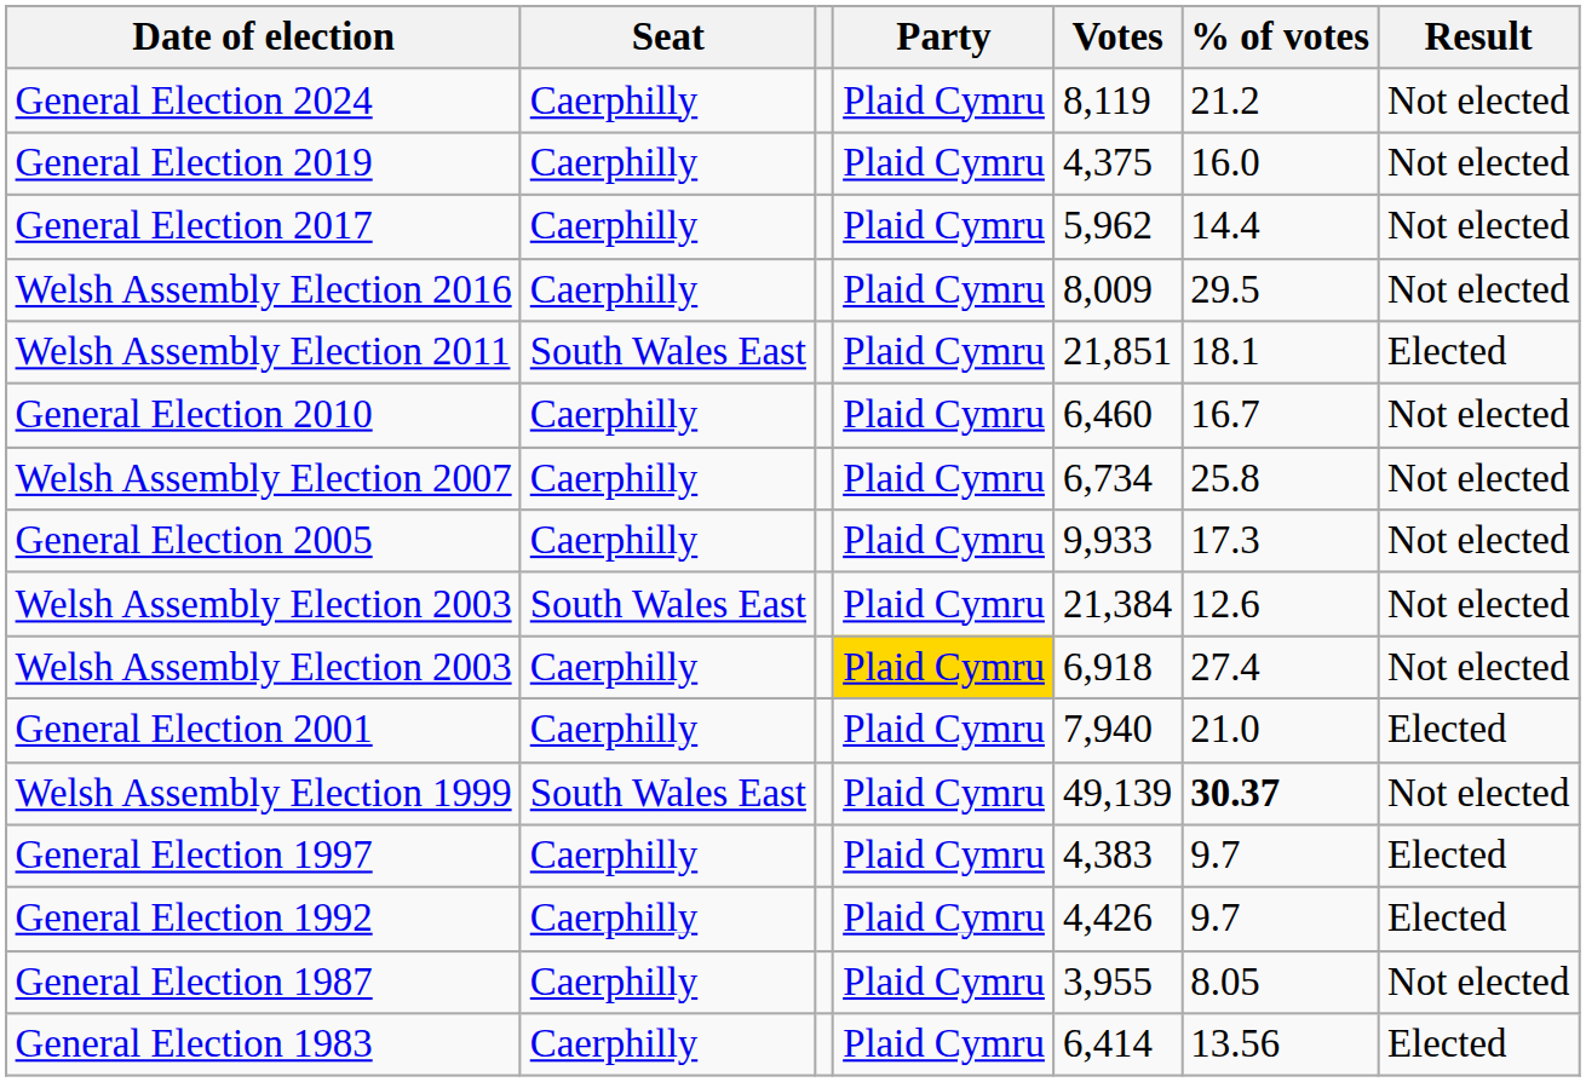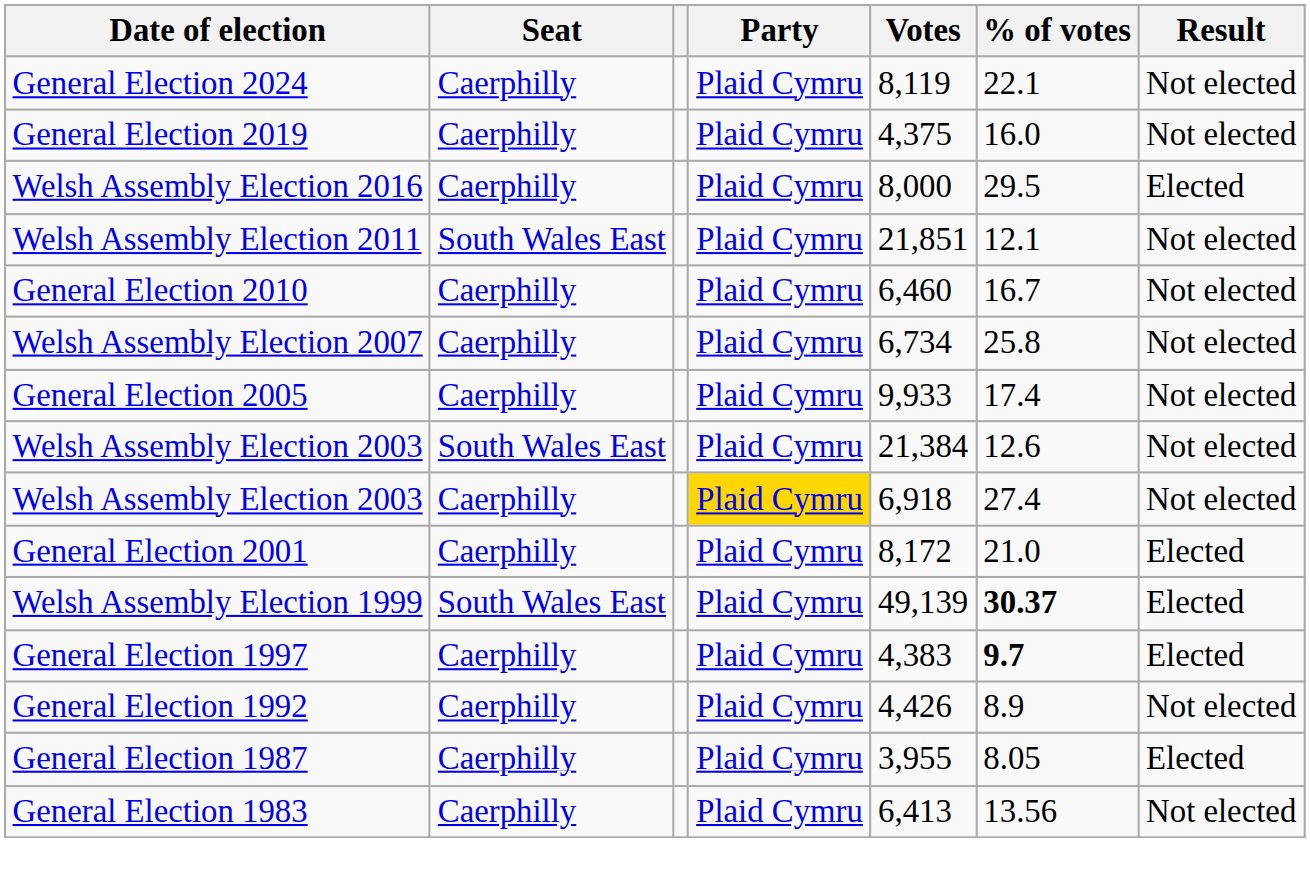 <table class="wikitable">
 <tr>
 <th>Date of election</th>
 <th>Seat</th>
 <th></th>
 <th>Party</th>
 <th>Votes</th>
 <th>% of votes</th>
 <th>Result</th>
 </tr>
 <tr>
 <td><a href='#'>General Election 2024</a></td>
 <td><a href='#'>Caerphilly</a></td>
 <td style="background:"></td>
 <td><a href='#'>Plaid Cymru</a></td>
 <td>8,119</td>
-<td>21.2</td>
+<td>22.1</td>
 <td>Not elected</td>
 </tr>
 <tr>
 <td><a href='#'>General Election 2019</a></td>
 <td><a href='#'>Caerphilly</a></td>
 <td style="background:"></td>
 <td><a href='#'>Plaid Cymru</a></td>
 <td>4,375</td>
 <td>16.0</td>
 <td>Not elected</td>
 </tr>
 <tr>
-<td><a href='#'>General Election 2017</a></td>
-<td><a href='#'>Caerphilly</a></td>
-<td style="background:"></td>
-<td><a href='#'>Plaid Cymru</a></td>
-<td>5,962</td>
-<td>14.4</td>
-<td>Not elected</td>
-</tr>
-<tr>
 <td><a href='#'>Welsh Assembly Election 2016</a></td>
 <td><a href='#'>Caerphilly</a></td>
 <td style="background:"></td>
 <td><a href='#'>Plaid Cymru</a></td>
-<td>8,009</td>
+<td>8,000</td>
 <td>29.5</td>
-<td>Not elected</td>
+<td>Elected</td>
 </tr>
 <tr>
 <td><a href='#'>Welsh Assembly Election 2011</a></td>
 <td><a href='#'>South Wales East</a></td>
 <td style="background:"></td>
 <td><a href='#'>Plaid Cymru</a></td>
 <td>21,851</td>
-<td>18.1</td>
-<td>Elected</td>
+<td>12.1</td>
+<td>Not elected</td>
 </tr>
 <tr>
 <td><a href='#'>General Election 2010</a></td>
 <td><a href='#'>Caerphilly</a></td>
 <td style="background:"></td>
 <td><a href='#'>Plaid Cymru</a></td>
 <td>6,460</td>
 <td>16.7</td>
 <td>Not elected</td>
 </tr>
 <tr>
 <td><a href='#'>Welsh Assembly Election 2007</a></td>
 <td><a href='#'>Caerphilly</a></td>
 <td style="background:"></td>
 <td><a href='#'>Plaid Cymru</a></td>
 <td>6,734</td>
 <td>25.8</td>
 <td>Not elected</td>
 </tr>
 <tr>
 <td><a href='#'>General Election 2005</a></td>
 <td><a href='#'>Caerphilly</a></td>
 <td style="background:"></td>
 <td><a href='#'>Plaid Cymru</a></td>
 <td>9,933</td>
-<td>17.3</td>
+<td>17.4</td>
 <td>Not elected</td>
 </tr>
 <tr>
 <td><a href='#'>Welsh Assembly Election 2003</a></td>
 <td><a href='#'>South Wales East</a></td>
 <td style="background:"></td>
 <td><a href='#'>Plaid Cymru</a></td>
 <td>21,384</td>
 <td>12.6</td>
 <td>Not elected</td>
 </tr>
 <tr>
 <td><a href='#'>Welsh Assembly Election 2003</a></td>
 <td><a href='#'>Caerphilly</a></td>
 <td style="background:"></td>
 <td style="background: gold;"><a href='#'>Plaid Cymru</a></td>
 <td>6,918</td>
 <td>27.4</td>
 <td>Not elected</td>
 </tr>
 <tr>
 <td><a href='#'>General Election 2001</a></td>
 <td><a href='#'>Caerphilly</a></td>
 <td style="background:"></td>
 <td><a href='#'>Plaid Cymru</a></td>
-<td>7,940</td>
+<td>8,172</td>
 <td>21.0</td>
 <td>Elected</td>
 </tr>
 <tr>
 <td><a href='#'>Welsh Assembly Election 1999</a></td>
 <td><a href='#'>South Wales East</a></td>
 <td style="background:"></td>
 <td><a href='#'>Plaid Cymru</a></td>
 <td>49,139</td>
 <td><strong>30.37</strong></td>
-<td>Not elected</td>
+<td>Elected</td>
 </tr>
 <tr>
 <td><a href='#'>General Election 1997</a></td>
 <td><a href='#'>Caerphilly</a></td>
 <td style="background:"></td>
 <td><a href='#'>Plaid Cymru</a></td>
 <td>4,383</td>
-<td>9.7</td>
+<td><strong>9.7</strong></td>
 <td>Elected</td>
 </tr>
 <tr>
 <td><a href='#'>General Election 1992</a></td>
 <td><a href='#'>Caerphilly</a></td>
 <td style="background:"></td>
 <td><a href='#'>Plaid Cymru</a></td>
 <td>4,426</td>
-<td>9.7</td>
-<td>Elected</td>
+<td>8.9</td>
+<td>Not elected</td>
 </tr>
 <tr>
 <td><a href='#'>General Election 1987</a></td>
 <td><a href='#'>Caerphilly</a></td>
 <td style="background:"></td>
 <td><a href='#'>Plaid Cymru</a></td>
 <td>3,955</td>
 <td>8.05</td>
-<td>Not elected</td>
+<td>Elected</td>
 </tr>
 <tr>
 <td><a href='#'>General Election 1983</a></td>
 <td><a href='#'>Caerphilly</a></td>
 <td style="background:"></td>
 <td><a href='#'>Plaid Cymru</a></td>
-<td>6,414</td>
+<td>6,413</td>
 <td>13.56</td>
-<td>Elected</td>
+<td>Not elected</td>
 </tr>
 </table>
